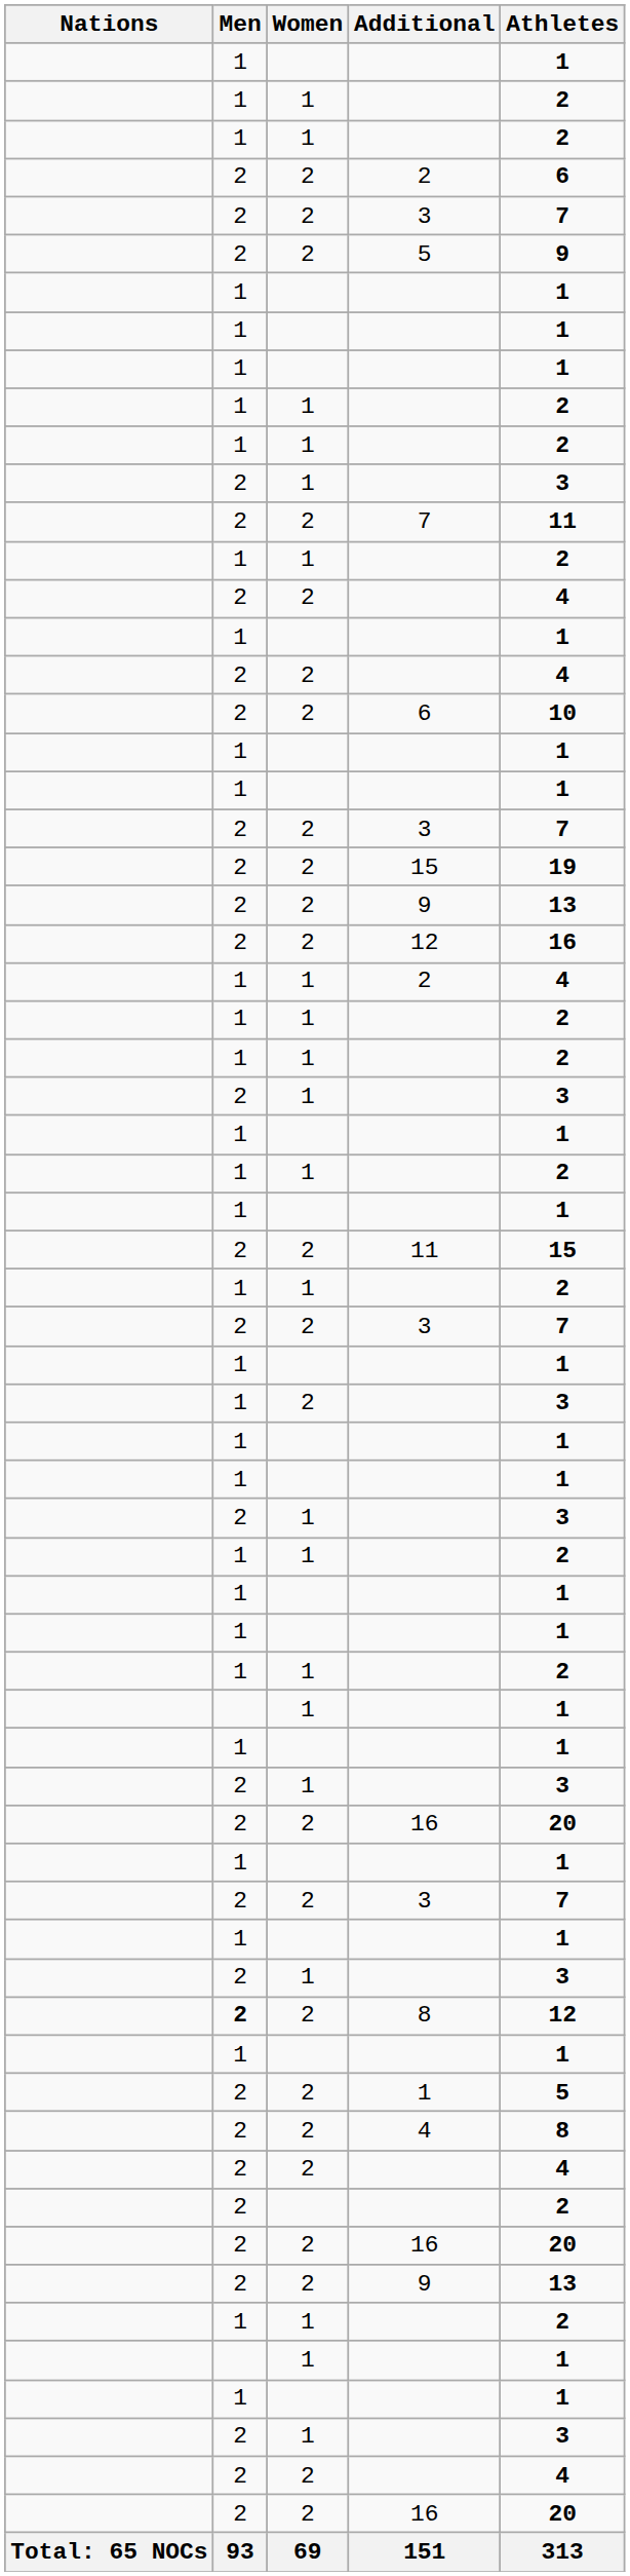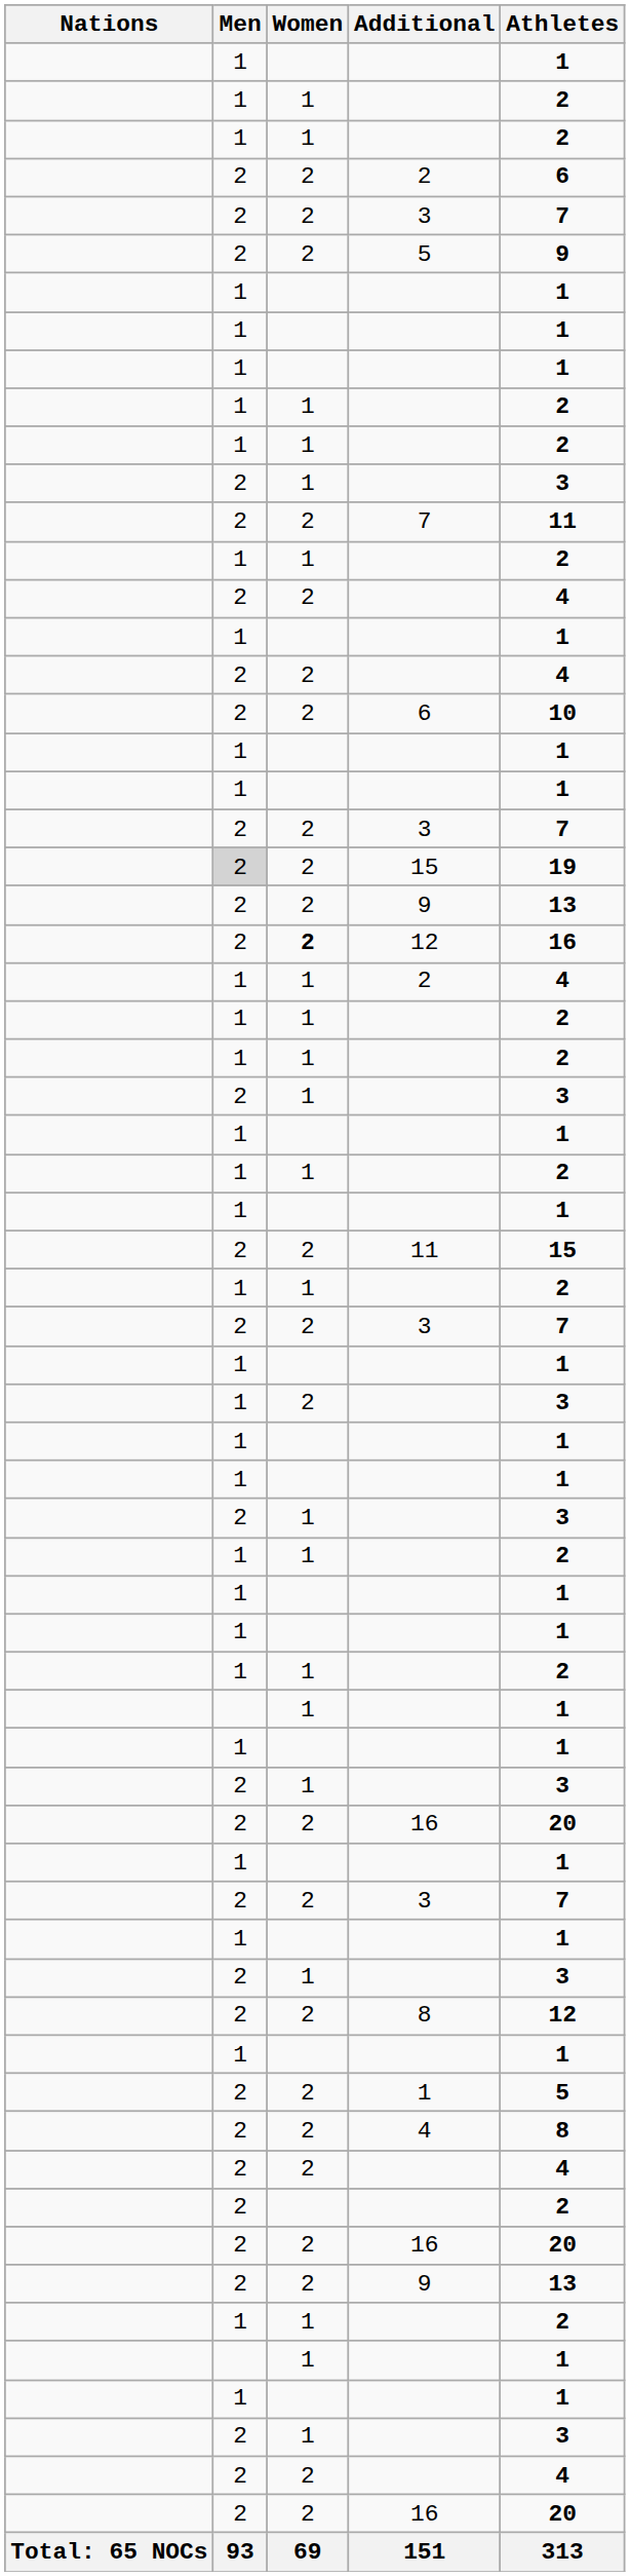 <table class="wikitable sortable" style="text-align:center;">
 <tr>
 <th>Nations</th>
 <th>Men</th>
 <th>Women</th>
 <th>Additional</th>
 <th>Athletes</th>
 </tr>
 <tr>
 <td align="left"></td>
 <td>1</td>
 <td></td>
 <td></td>
 <td><strong>1</strong></td>
 </tr>
 <tr>
 <td align="left"></td>
 <td>1</td>
 <td>1</td>
 <td></td>
 <td><strong>2</strong></td>
 </tr>
 <tr>
 <td align="left"></td>
 <td>1</td>
 <td>1</td>
 <td></td>
 <td><strong>2</strong></td>
 </tr>
 <tr>
 <td align="left"></td>
 <td>2</td>
 <td>2</td>
 <td>2</td>
 <td><strong>6</strong></td>
 </tr>
 <tr>
 <td align="left"></td>
 <td>2</td>
 <td>2</td>
 <td>3</td>
 <td><strong>7</strong></td>
 </tr>
 <tr>
 <td align="left"></td>
 <td>2</td>
 <td>2</td>
 <td>5</td>
 <td><strong>9</strong></td>
 </tr>
 <tr>
 <td align="left"></td>
 <td>1</td>
 <td></td>
 <td></td>
 <td><strong>1</strong></td>
 </tr>
 <tr>
 <td align="left"></td>
 <td>1</td>
 <td></td>
 <td></td>
 <td><strong>1</strong></td>
 </tr>
 <tr>
 <td align="left"></td>
 <td>1</td>
 <td></td>
 <td></td>
 <td><strong>1</strong></td>
 </tr>
 <tr>
 <td align="left"></td>
 <td>1</td>
 <td>1</td>
 <td></td>
 <td><strong>2</strong></td>
 </tr>
 <tr>
 <td align="left"></td>
 <td>1</td>
 <td>1</td>
 <td></td>
 <td><strong>2</strong></td>
 </tr>
 <tr>
 <td align="left"></td>
 <td>2</td>
 <td>1</td>
 <td></td>
 <td><strong>3</strong></td>
 </tr>
 <tr>
 <td align="left"></td>
 <td>2</td>
 <td>2</td>
 <td>7</td>
 <td><strong>11</strong></td>
 </tr>
 <tr>
 <td align="left"></td>
 <td>1</td>
 <td>1</td>
 <td></td>
 <td><strong>2</strong></td>
 </tr>
 <tr>
 <td align="left"></td>
 <td>2</td>
 <td>2</td>
 <td></td>
 <td><strong>4</strong></td>
 </tr>
 <tr>
 <td align="left"></td>
 <td>1</td>
 <td></td>
 <td></td>
 <td><strong>1</strong></td>
 </tr>
 <tr>
 <td align="left"></td>
 <td>2</td>
 <td>2</td>
 <td></td>
 <td><strong>4</strong></td>
 </tr>
 <tr>
 <td align="left"></td>
 <td>2</td>
 <td>2</td>
 <td>6</td>
 <td><strong>10</strong></td>
 </tr>
 <tr>
 <td align="left"></td>
 <td>1</td>
 <td></td>
 <td></td>
 <td><strong>1</strong></td>
 </tr>
 <tr>
 <td align="left"></td>
 <td>1</td>
 <td></td>
 <td></td>
 <td><strong>1</strong></td>
 </tr>
 <tr>
 <td align="left"></td>
 <td>2</td>
 <td>2</td>
 <td>3</td>
 <td><strong>7</strong></td>
 </tr>
 <tr>
 <td align="left"></td>
-<td>2</td>
+<td style="background: lightgrey;">2</td>
 <td>2</td>
 <td>15</td>
 <td><strong>19</strong></td>
 </tr>
 <tr>
 <td align="left"></td>
 <td>2</td>
 <td>2</td>
 <td>9</td>
 <td><strong>13</strong></td>
 </tr>
 <tr>
 <td align="left"></td>
 <td>2</td>
-<td>2</td>
+<td><strong>2</strong></td>
 <td>12</td>
 <td><strong>16</strong></td>
 </tr>
 <tr>
 <td align="left"></td>
 <td>1</td>
 <td>1</td>
 <td>2</td>
 <td><strong>4</strong></td>
 </tr>
 <tr>
 <td align="left"></td>
 <td>1</td>
 <td>1</td>
 <td></td>
 <td><strong>2</strong></td>
 </tr>
 <tr>
 <td align="left"></td>
 <td>1</td>
 <td>1</td>
 <td></td>
 <td><strong>2</strong></td>
 </tr>
 <tr>
 <td align="left"></td>
 <td>2</td>
 <td>1</td>
 <td></td>
 <td><strong>3</strong></td>
 </tr>
 <tr>
 <td align="left"></td>
 <td>1</td>
 <td></td>
 <td></td>
 <td><strong>1</strong></td>
 </tr>
 <tr>
 <td align="left"></td>
 <td>1</td>
 <td>1</td>
 <td></td>
 <td><strong>2</strong></td>
 </tr>
 <tr>
 <td align="left"></td>
 <td>1</td>
 <td></td>
 <td></td>
 <td><strong>1</strong></td>
 </tr>
 <tr>
 <td align="left"></td>
 <td>2</td>
 <td>2</td>
 <td>11</td>
 <td><strong>15</strong></td>
 </tr>
 <tr>
 <td align="left"></td>
 <td>1</td>
 <td>1</td>
 <td></td>
 <td><strong>2</strong></td>
 </tr>
 <tr>
 <td align="left"></td>
 <td>2</td>
 <td>2</td>
 <td>3</td>
 <td><strong>7</strong></td>
 </tr>
 <tr>
 <td align="left"></td>
 <td>1</td>
 <td></td>
 <td></td>
 <td><strong>1</strong></td>
 </tr>
 <tr>
 <td align="left"></td>
 <td>1</td>
 <td>2</td>
 <td></td>
 <td><strong>3</strong></td>
 </tr>
 <tr>
 <td align="left"></td>
 <td>1</td>
 <td></td>
 <td></td>
 <td><strong>1</strong></td>
 </tr>
 <tr>
 <td align="left"></td>
 <td>1</td>
 <td></td>
 <td></td>
 <td><strong>1</strong></td>
 </tr>
 <tr>
 <td align="left"></td>
 <td>2</td>
 <td>1</td>
 <td></td>
 <td><strong>3</strong></td>
 </tr>
 <tr>
 <td align="left"></td>
 <td>1</td>
 <td>1</td>
 <td></td>
 <td><strong>2</strong></td>
 </tr>
 <tr>
 <td align="left"></td>
 <td>1</td>
 <td></td>
 <td></td>
 <td><strong>1</strong></td>
 </tr>
 <tr>
 <td align="left"></td>
 <td>1</td>
 <td></td>
 <td></td>
 <td><strong>1</strong></td>
 </tr>
 <tr>
 <td align="left"></td>
 <td>1</td>
 <td>1</td>
 <td></td>
 <td><strong>2</strong></td>
 </tr>
 <tr>
 <td align="left"></td>
 <td></td>
 <td>1</td>
 <td></td>
 <td><strong>1</strong></td>
 </tr>
 <tr>
 <td align="left"></td>
 <td>1</td>
 <td></td>
 <td></td>
 <td><strong>1</strong></td>
 </tr>
 <tr>
 <td align="left"></td>
 <td>2</td>
 <td>1</td>
 <td></td>
 <td><strong>3</strong></td>
 </tr>
 <tr>
 <td align="left"></td>
 <td>2</td>
 <td>2</td>
 <td>16</td>
 <td><strong>20</strong></td>
 </tr>
 <tr>
 <td align="left"></td>
 <td>1</td>
 <td></td>
 <td></td>
 <td><strong>1</strong></td>
 </tr>
 <tr>
 <td align="left"></td>
 <td>2</td>
 <td>2</td>
 <td>3</td>
 <td><strong>7</strong></td>
 </tr>
 <tr>
 <td align="left"></td>
 <td>1</td>
 <td></td>
 <td></td>
 <td><strong>1</strong></td>
 </tr>
 <tr>
 <td align="left"></td>
 <td>2</td>
 <td>1</td>
 <td></td>
 <td><strong>3</strong></td>
 </tr>
 <tr>
 <td align="left"></td>
-<td><strong>2</strong></td>
+<td>2</td>
 <td>2</td>
 <td>8</td>
 <td><strong>12</strong></td>
 </tr>
 <tr>
 <td align="left"></td>
 <td>1</td>
 <td></td>
 <td></td>
 <td><strong>1</strong></td>
 </tr>
 <tr>
 <td align="left"></td>
 <td>2</td>
 <td>2</td>
 <td>1</td>
 <td><strong>5</strong></td>
 </tr>
 <tr>
 <td align="left"></td>
 <td>2</td>
 <td>2</td>
 <td>4</td>
 <td><strong>8</strong></td>
 </tr>
 <tr>
 <td align="left"></td>
 <td>2</td>
 <td>2</td>
 <td></td>
 <td><strong>4</strong></td>
 </tr>
 <tr>
 <td align="left"></td>
 <td>2</td>
 <td></td>
 <td></td>
 <td><strong>2</strong></td>
 </tr>
 <tr>
 <td align="left"></td>
 <td>2</td>
 <td>2</td>
 <td>16</td>
 <td><strong>20</strong></td>
 </tr>
 <tr>
 <td align="left"></td>
 <td>2</td>
 <td>2</td>
 <td>9</td>
 <td><strong>13</strong></td>
 </tr>
 <tr>
 <td align="left"></td>
 <td>1</td>
 <td>1</td>
 <td></td>
 <td><strong>2</strong></td>
 </tr>
 <tr>
 <td align="left"></td>
 <td></td>
 <td>1</td>
 <td></td>
 <td><strong>1</strong></td>
 </tr>
 <tr>
 <td align="left"></td>
 <td>1</td>
 <td></td>
 <td></td>
 <td><strong>1</strong></td>
 </tr>
 <tr>
 <td align="left"></td>
 <td>2</td>
 <td>1</td>
 <td></td>
 <td><strong>3</strong></td>
 </tr>
 <tr>
 <td align="left"></td>
 <td>2</td>
 <td>2</td>
 <td></td>
 <td><strong>4</strong></td>
 </tr>
 <tr>
 <td align="left"></td>
 <td>2</td>
 <td>2</td>
 <td>16</td>
 <td><strong>20</strong></td>
 </tr>
 <tr>
 <th>Total: 65 NOCs</th>
 <th>93</th>
 <th>69</th>
 <th>151</th>
 <th>313</th>
 </tr>
 </table>
